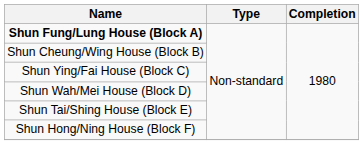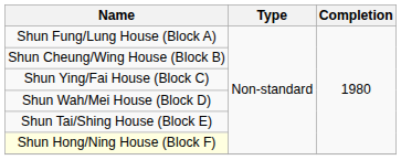 <table class="wikitable" style="text-align: center">
 <tr>
 <th>Name</th>
 <th>Type</th>
 <th>Completion</th>
 </tr>
 <tr>
-<td><strong>Shun Fung/Lung House (Block A)</strong></td>
+<td>Shun Fung/Lung House (Block A)</td>
 <td rowspan="6">Non-standard</td>
 <td rowspan="6">1980</td>
 </tr>
 <tr>
 <td>Shun Cheung/Wing House (Block B)</td>
 </tr>
 <tr>
 <td>Shun Ying/Fai House (Block C)</td>
 </tr>
 <tr>
 <td>Shun Wah/Mei House (Block D)</td>
 </tr>
 <tr>
 <td>Shun Tai/Shing House (Block E)</td>
 </tr>
 <tr>
-<td>Shun Hong/Ning House (Block F)</td>
+<td style="background: lightyellow;">Shun Hong/Ning House (Block F)</td>
 </tr>
 <tr>
 </tr>
 </table>
